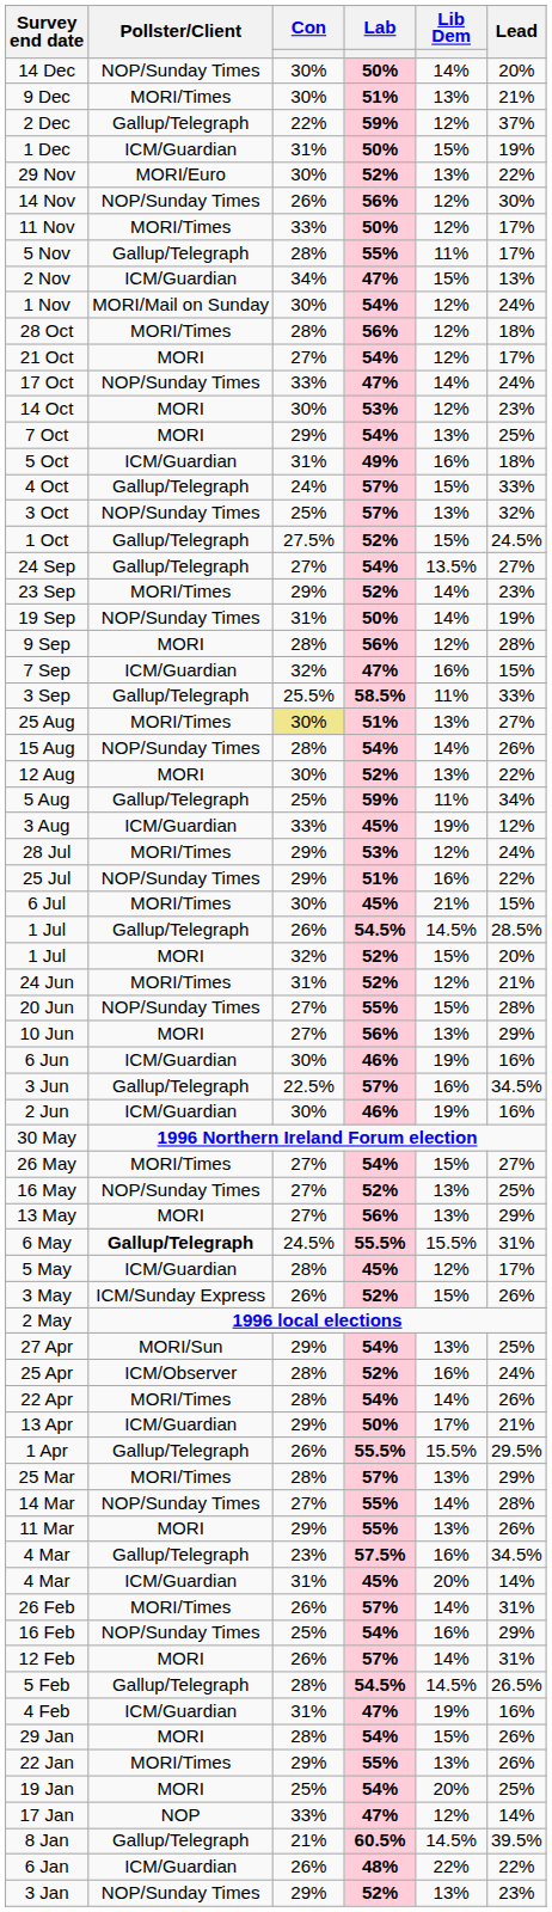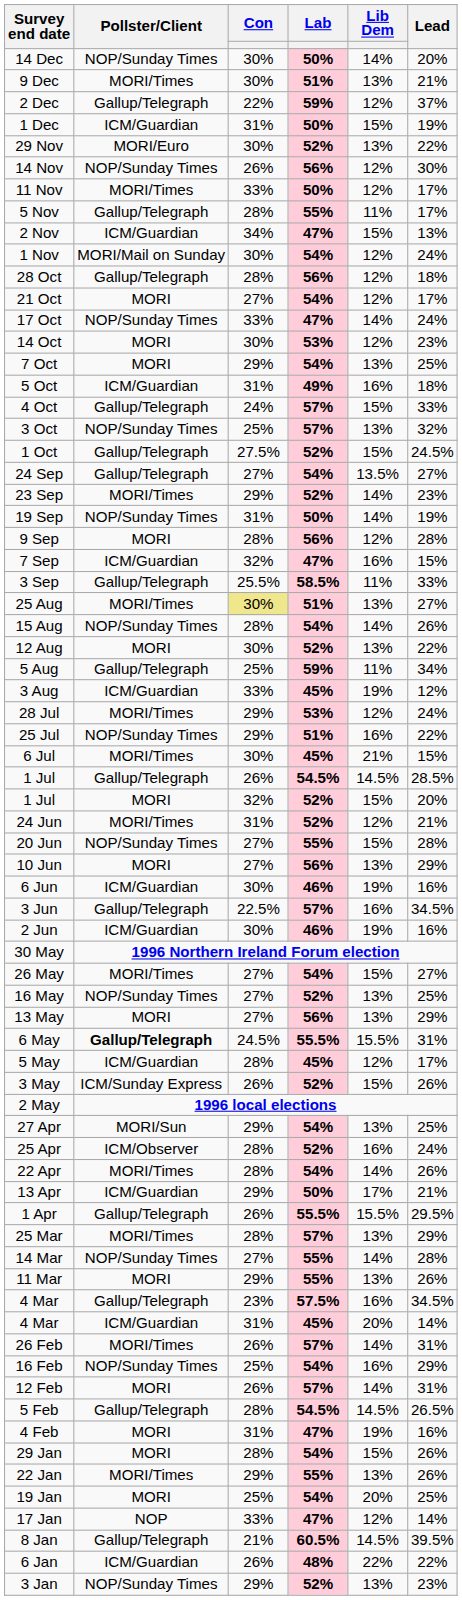 <table class="wikitable sortable mw-datatable" style="text-align:center;font-size:90%;line-height:14px;">
 <tr>
 <th rowspan="2">Survey<br>end date</th>
 <th rowspan="2">Pollster/Client</th>
 <th class="unsortable" style="width:50px;"><a href='#'>Con</a></th>
 <th class="unsortable" style="width:50px;"><a href='#'>Lab</a></th>
 <th class="unsortable" style="width:50px;"><a href='#'>Lib Dem</a></th>
 <th rowspan="2">Lead</th>
 </tr>
 <tr>
 <th style="background:"></th>
 <th style="background:"></th>
 <th style="background:"></th>
 </tr>
 <tr>
 <td>14 Dec</td>
 <td>NOP/Sunday Times</td>
 <td>30%</td>
 <td style="background:#FFCCDA;"><strong>50%</strong></td>
 <td>14%</td>
 <td style="background:">20%</td>
 </tr>
 <tr>
 <td>9 Dec</td>
 <td>MORI/Times</td>
 <td>30%</td>
 <td style="background:#FFCCDA;"><strong>51%</strong></td>
 <td>13%</td>
 <td style="background:">21%</td>
 </tr>
 <tr>
 <td>2 Dec</td>
 <td>Gallup/Telegraph</td>
 <td>22%</td>
 <td style="background:#FFCCDA;"><strong>59%</strong></td>
 <td>12%</td>
 <td style="background:">37%</td>
 </tr>
 <tr>
 <td>1 Dec</td>
 <td>ICM/Guardian</td>
 <td>31%</td>
 <td style="background:#FFCCDA;"><strong>50%</strong></td>
 <td>15%</td>
 <td style="background:">19%</td>
 </tr>
 <tr>
 <td>29 Nov</td>
 <td>MORI/Euro</td>
 <td>30%</td>
 <td style="background:#FFCCDA;"><strong>52%</strong></td>
 <td>13%</td>
 <td style="background:">22%</td>
 </tr>
 <tr>
 <td>14 Nov</td>
 <td>NOP/Sunday Times</td>
 <td>26%</td>
 <td style="background:#FFCCDA;"><strong>56%</strong></td>
 <td>12%</td>
 <td style="background:">30%</td>
 </tr>
 <tr>
 <td>11 Nov</td>
 <td>MORI/Times</td>
 <td>33%</td>
 <td style="background:#FFCCDA;"><strong>50%</strong></td>
 <td>12%</td>
 <td style="background:">17%</td>
 </tr>
 <tr>
 <td>5 Nov</td>
 <td>Gallup/Telegraph</td>
 <td>28%</td>
 <td style="background:#FFCCDA;"><strong>55%</strong></td>
 <td>11%</td>
 <td style="background:">17%</td>
 </tr>
 <tr>
 <td>2 Nov</td>
 <td>ICM/Guardian</td>
 <td>34%</td>
 <td style="background:#FFCCDA;"><strong>47%</strong></td>
 <td>15%</td>
 <td style="background:">13%</td>
 </tr>
 <tr>
 <td>1 Nov</td>
 <td>MORI/Mail on Sunday</td>
 <td>30%</td>
 <td style="background:#FFCCDA;"><strong>54%</strong></td>
 <td>12%</td>
 <td style="background:">24%</td>
 </tr>
 <tr>
 <td>28 Oct</td>
-<td>MORI/Times</td>
+<td>Gallup/Telegraph</td>
 <td>28%</td>
 <td style="background:#FFCCDA;"><strong>56%</strong></td>
 <td>12%</td>
 <td style="background:">18%</td>
 </tr>
 <tr>
 <td>21 Oct</td>
 <td>MORI</td>
 <td>27%</td>
 <td style="background:#FFCCDA;"><strong>54%</strong></td>
 <td>12%</td>
 <td style="background:">17%</td>
 </tr>
 <tr>
 <td>17 Oct</td>
 <td>NOP/Sunday Times</td>
 <td>33%</td>
 <td style="background:#FFCCDA;"><strong>47%</strong></td>
 <td>14%</td>
 <td style="background:">24%</td>
 </tr>
 <tr>
 <td>14 Oct</td>
 <td>MORI</td>
 <td>30%</td>
 <td style="background:#FFCCDA;"><strong>53%</strong></td>
 <td>12%</td>
 <td style="background:">23%</td>
 </tr>
 <tr>
 <td>7 Oct</td>
 <td>MORI</td>
 <td>29%</td>
 <td style="background:#FFCCDA;"><strong>54%</strong></td>
 <td>13%</td>
 <td style="background:">25%</td>
 </tr>
 <tr>
 <td>5 Oct</td>
 <td>ICM/Guardian</td>
 <td>31%</td>
 <td style="background:#FFCCDA;"><strong>49%</strong></td>
 <td>16%</td>
 <td style="background:">18%</td>
 </tr>
 <tr>
 <td>4 Oct</td>
 <td>Gallup/Telegraph</td>
 <td>24%</td>
 <td style="background:#FFCCDA;"><strong>57%</strong></td>
 <td>15%</td>
 <td style="background:">33%</td>
 </tr>
 <tr>
 <td>3 Oct</td>
 <td>NOP/Sunday Times</td>
 <td>25%</td>
 <td style="background:#FFCCDA;"><strong>57%</strong></td>
 <td>13%</td>
 <td style="background:">32%</td>
 </tr>
 <tr>
 <td>1 Oct</td>
 <td>Gallup/Telegraph</td>
 <td>27.5%</td>
 <td style="background:#FFCCDA;"><strong>52%</strong></td>
 <td>15%</td>
 <td style="background:">24.5%</td>
 </tr>
 <tr>
 <td>24 Sep</td>
 <td>Gallup/Telegraph</td>
 <td>27%</td>
 <td style="background:#FFCCDA;"><strong>54%</strong></td>
 <td>13.5%</td>
 <td style="background:">27%</td>
 </tr>
 <tr>
 <td>23 Sep</td>
 <td>MORI/Times</td>
 <td>29%</td>
 <td style="background:#FFCCDA;"><strong>52%</strong></td>
 <td>14%</td>
 <td style="background:">23%</td>
 </tr>
 <tr>
 <td>19 Sep</td>
 <td>NOP/Sunday Times</td>
 <td>31%</td>
 <td style="background:#FFCCDA;"><strong>50%</strong></td>
 <td>14%</td>
 <td style="background:">19%</td>
 </tr>
 <tr>
 <td>9 Sep</td>
 <td>MORI</td>
 <td>28%</td>
 <td style="background:#FFCCDA;"><strong>56%</strong></td>
 <td>12%</td>
 <td style="background:">28%</td>
 </tr>
 <tr>
 <td>7 Sep</td>
 <td>ICM/Guardian</td>
 <td>32%</td>
 <td style="background:#FFCCDA;"><strong>47%</strong></td>
 <td>16%</td>
 <td style="background:">15%</td>
 </tr>
 <tr>
 <td>3 Sep</td>
 <td>Gallup/Telegraph</td>
 <td>25.5%</td>
 <td style="background:#FFCCDA;"><strong>58.5%</strong></td>
 <td>11%</td>
 <td style="background:">33%</td>
 </tr>
 <tr>
 <td>25 Aug</td>
 <td>MORI/Times</td>
 <td style="background: khaki;">30%</td>
 <td style="background:#FFCCDA;"><strong>51%</strong></td>
 <td>13%</td>
 <td style="background:">27%</td>
 </tr>
 <tr>
 <td>15 Aug</td>
 <td>NOP/Sunday Times</td>
 <td>28%</td>
 <td style="background:#FFCCDA;"><strong>54%</strong></td>
 <td>14%</td>
 <td style="background:">26%</td>
 </tr>
 <tr>
 <td>12 Aug</td>
 <td>MORI</td>
 <td>30%</td>
 <td style="background:#FFCCDA;"><strong>52%</strong></td>
 <td>13%</td>
 <td style="background:">22%</td>
 </tr>
 <tr>
 <td>5 Aug</td>
 <td>Gallup/Telegraph</td>
 <td>25%</td>
 <td style="background:#FFCCDA;"><strong>59%</strong></td>
 <td>11%</td>
 <td style="background:">34%</td>
 </tr>
 <tr>
 <td>3 Aug</td>
 <td>ICM/Guardian</td>
 <td>33%</td>
 <td style="background:#FFCCDA;"><strong>45%</strong></td>
 <td>19%</td>
 <td style="background:">12%</td>
 </tr>
 <tr>
 <td>28 Jul</td>
 <td>MORI/Times</td>
 <td>29%</td>
 <td style="background:#FFCCDA;"><strong>53%</strong></td>
 <td>12%</td>
 <td style="background:">24%</td>
 </tr>
 <tr>
 <td>25 Jul</td>
 <td>NOP/Sunday Times</td>
 <td>29%</td>
 <td style="background:#FFCCDA;"><strong>51%</strong></td>
 <td>16%</td>
 <td style="background:">22%</td>
 </tr>
 <tr>
 <td>6 Jul</td>
 <td>MORI/Times</td>
 <td>30%</td>
 <td style="background:#FFCCDA;"><strong>45%</strong></td>
 <td>21%</td>
 <td style="background:">15%</td>
 </tr>
 <tr>
 <td>1 Jul</td>
 <td>Gallup/Telegraph</td>
 <td>26%</td>
 <td style="background:#FFCCDA;"><strong>54.5%</strong></td>
 <td>14.5%</td>
 <td style="background:">28.5%</td>
 </tr>
 <tr>
 <td>1 Jul</td>
 <td>MORI</td>
 <td>32%</td>
 <td style="background:#FFCCDA;"><strong>52%</strong></td>
 <td>15%</td>
 <td style="background:">20%</td>
 </tr>
 <tr>
 <td>24 Jun</td>
 <td>MORI/Times</td>
 <td>31%</td>
 <td style="background:#FFCCDA;"><strong>52%</strong></td>
 <td>12%</td>
 <td style="background:">21%</td>
 </tr>
 <tr>
 <td>20 Jun</td>
 <td>NOP/Sunday Times</td>
 <td>27%</td>
 <td style="background:#FFCCDA;"><strong>55%</strong></td>
 <td>15%</td>
 <td style="background:">28%</td>
 </tr>
 <tr>
 <td>10 Jun</td>
 <td>MORI</td>
 <td>27%</td>
 <td style="background:#FFCCDA;"><strong>56%</strong></td>
 <td>13%</td>
 <td style="background:">29%</td>
 </tr>
 <tr>
 <td>6 Jun</td>
 <td>ICM/Guardian</td>
 <td>30%</td>
 <td style="background:#FFCCDA;"><strong>46%</strong></td>
 <td>19%</td>
 <td style="background:">16%</td>
 </tr>
 <tr>
 <td>3 Jun</td>
 <td>Gallup/Telegraph</td>
 <td>22.5%</td>
 <td style="background:#FFCCDA;"><strong>57%</strong></td>
 <td>16%</td>
 <td style="background:">34.5%</td>
 </tr>
 <tr>
 <td>2 Jun</td>
 <td>ICM/Guardian</td>
 <td>30%</td>
 <td style="background:#FFCCDA;"><strong>46%</strong></td>
 <td>19%</td>
 <td style="background:">16%</td>
 </tr>
 <tr>
 <td>30 May</td>
 <td colspan="5"><a href='#'><strong>1996 Northern Ireland Forum election</strong></a></td>
 </tr>
 <tr>
 <td>26 May</td>
 <td>MORI/Times</td>
 <td>27%</td>
 <td style="background:#FFCCDA;"><strong>54%</strong></td>
 <td>15%</td>
 <td style="background:">27%</td>
 </tr>
 <tr>
 <td>16 May</td>
 <td>NOP/Sunday Times</td>
 <td>27%</td>
 <td style="background:#FFCCDA;"><strong>52%</strong></td>
 <td>13%</td>
 <td style="background:">25%</td>
 </tr>
 <tr>
 <td>13 May</td>
 <td>MORI</td>
 <td>27%</td>
 <td style="background:#FFCCDA;"><strong>56%</strong></td>
 <td>13%</td>
 <td style="background:">29%</td>
 </tr>
 <tr>
 <td>6 May</td>
 <td><strong>Gallup/Telegraph</strong></td>
 <td>24.5%</td>
 <td style="background:#FFCCDA;"><strong>55.5%</strong></td>
 <td>15.5%</td>
 <td style="background:">31%</td>
 </tr>
 <tr>
 <td>5 May</td>
 <td>ICM/Guardian</td>
 <td>28%</td>
 <td style="background:#FFCCDA;"><strong>45%</strong></td>
 <td>12%</td>
 <td style="background:">17%</td>
 </tr>
 <tr>
 <td>3 May</td>
 <td>ICM/Sunday Express</td>
 <td>26%</td>
 <td style="background:#FFCCDA;"><strong>52%</strong></td>
 <td>15%</td>
 <td style="background:">26%</td>
 </tr>
 <tr>
 <td>2 May</td>
 <td colspan="5"><a href='#'><strong>1996 local elections</strong></a></td>
 </tr>
 <tr>
 <td>27 Apr</td>
 <td>MORI/Sun</td>
 <td>29%</td>
 <td style="background:#FFCCDA;"><strong>54%</strong></td>
 <td>13%</td>
 <td style="background:">25%</td>
 </tr>
 <tr>
 <td>25 Apr</td>
 <td>ICM/Observer</td>
 <td>28%</td>
 <td style="background:#FFCCDA;"><strong>52%</strong></td>
 <td>16%</td>
 <td style="background:">24%</td>
 </tr>
 <tr>
 <td>22 Apr</td>
 <td>MORI/Times</td>
 <td>28%</td>
 <td style="background:#FFCCDA;"><strong>54%</strong></td>
 <td>14%</td>
 <td style="background:">26%</td>
 </tr>
 <tr>
 <td>13 Apr</td>
 <td>ICM/Guardian</td>
 <td>29%</td>
 <td style="background:#FFCCDA;"><strong>50%</strong></td>
 <td>17%</td>
 <td style="background:">21%</td>
 </tr>
 <tr>
 <td>1 Apr</td>
 <td>Gallup/Telegraph</td>
 <td>26%</td>
 <td style="background:#FFCCDA;"><strong>55.5%</strong></td>
 <td>15.5%</td>
 <td style="background:">29.5%</td>
 </tr>
 <tr>
 <td>25 Mar</td>
 <td>MORI/Times</td>
 <td>28%</td>
 <td style="background:#FFCCDA;"><strong>57%</strong></td>
 <td>13%</td>
 <td style="background:">29%</td>
 </tr>
 <tr>
 <td>14 Mar</td>
 <td>NOP/Sunday Times</td>
 <td>27%</td>
 <td style="background:#FFCCDA;"><strong>55%</strong></td>
 <td>14%</td>
 <td style="background:">28%</td>
 </tr>
 <tr>
 <td>11 Mar</td>
 <td>MORI</td>
 <td>29%</td>
 <td style="background:#FFCCDA;"><strong>55%</strong></td>
 <td>13%</td>
 <td style="background:">26%</td>
 </tr>
 <tr>
 <td>4 Mar</td>
 <td>Gallup/Telegraph</td>
 <td>23%</td>
 <td style="background:#FFCCDA;"><strong>57.5%</strong></td>
 <td>16%</td>
 <td style="background:">34.5%</td>
 </tr>
 <tr>
 <td>4 Mar</td>
 <td>ICM/Guardian</td>
 <td>31%</td>
 <td style="background:#FFCCDA;"><strong>45%</strong></td>
 <td>20%</td>
 <td style="background:">14%</td>
 </tr>
 <tr>
 <td>26 Feb</td>
 <td>MORI/Times</td>
 <td>26%</td>
 <td style="background:#FFCCDA;"><strong>57%</strong></td>
 <td>14%</td>
 <td style="background:">31%</td>
 </tr>
 <tr>
 <td>16 Feb</td>
 <td>NOP/Sunday Times</td>
 <td>25%</td>
 <td style="background:#FFCCDA;"><strong>54%</strong></td>
 <td>16%</td>
 <td style="background:">29%</td>
 </tr>
 <tr>
 <td>12 Feb</td>
 <td>MORI</td>
 <td>26%</td>
 <td style="background:#FFCCDA;"><strong>57%</strong></td>
 <td>14%</td>
 <td style="background:">31%</td>
 </tr>
 <tr>
 <td>5 Feb</td>
 <td>Gallup/Telegraph</td>
 <td>28%</td>
 <td style="background:#FFCCDA;"><strong>54.5%</strong></td>
 <td>14.5%</td>
 <td style="background:">26.5%</td>
 </tr>
 <tr>
 <td>4 Feb</td>
-<td>ICM/Guardian</td>
+<td>MORI</td>
 <td>31%</td>
 <td style="background:#FFCCDA;"><strong>47%</strong></td>
 <td>19%</td>
 <td style="background:">16%</td>
 </tr>
 <tr>
 <td>29 Jan</td>
 <td>MORI</td>
 <td>28%</td>
 <td style="background:#FFCCDA;"><strong>54%</strong></td>
 <td>15%</td>
 <td style="background:">26%</td>
 </tr>
 <tr>
 <td>22 Jan</td>
 <td>MORI/Times</td>
 <td>29%</td>
 <td style="background:#FFCCDA;"><strong>55%</strong></td>
 <td>13%</td>
 <td style="background:">26%</td>
 </tr>
 <tr>
 <td>19 Jan</td>
 <td>MORI</td>
 <td>25%</td>
 <td style="background:#FFCCDA;"><strong>54%</strong></td>
 <td>20%</td>
 <td style="background:">25%</td>
 </tr>
 <tr>
 <td>17 Jan</td>
 <td>NOP</td>
 <td>33%</td>
 <td style="background:#FFCCDA;"><strong>47%</strong></td>
 <td>12%</td>
 <td style="background:">14%</td>
 </tr>
 <tr>
 <td>8 Jan</td>
 <td>Gallup/Telegraph</td>
 <td>21%</td>
 <td style="background:#FFCCDA;"><strong>60.5%</strong></td>
 <td>14.5%</td>
 <td style="background:">39.5%</td>
 </tr>
 <tr>
 <td>6 Jan</td>
 <td>ICM/Guardian</td>
 <td>26%</td>
 <td style="background:#FFCCDA;"><strong>48%</strong></td>
 <td>22%</td>
 <td style="background:">22%</td>
 </tr>
 <tr>
 <td>3 Jan</td>
 <td>NOP/Sunday Times</td>
 <td>29%</td>
 <td style="background:#FFCCDA;"><strong>52%</strong></td>
 <td>13%</td>
 <td style="background:">23%</td>
 </tr>
 </table>
